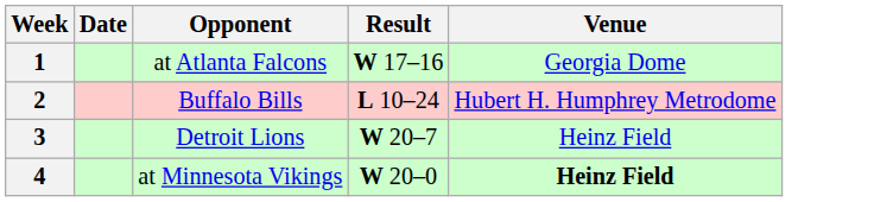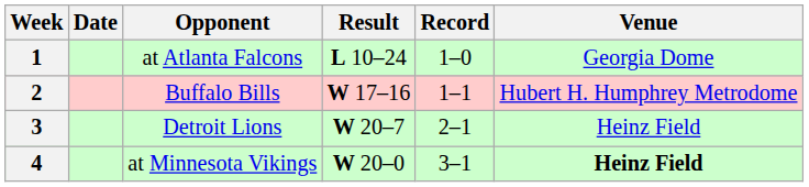 <table class="wikitable" style="text-align:center">
 <tr>
 <th>Week</th>
 <th>Date</th>
 <th>Opponent</th>
 <th>Result</th>
+<th>Record</th>
 <th>Venue</th>
 </tr>
 <tr style="background: #cfc;">
 <th>1</th>
 <td></td>
 <td>at <a href='#'>Atlanta Falcons</a></td>
-<td><strong>W</strong> 17–16</td>
+<td><strong>L</strong> 10–24</td>
+<td>1–0</td>
 <td><a href='#'>Georgia Dome</a></td>
 </tr>
 <tr style="background: #fcc;">
 <th>2</th>
 <td></td>
 <td><a href='#'>Buffalo Bills</a></td>
-<td><strong>L</strong> 10–24</td>
+<td><strong>W</strong> 17–16</td>
+<td>1–1</td>
 <td><a href='#'>Hubert H. Humphrey Metrodome</a></td>
 </tr>
 <tr style="background: #cfc;">
 <th>3</th>
 <td></td>
 <td><a href='#'>Detroit Lions</a></td>
 <td><strong>W</strong> 20–7</td>
+<td>2–1</td>
 <td><a href='#'>Heinz Field</a></td>
 </tr>
 <tr style="background: #cfc;">
 <th>4</th>
 <td></td>
 <td>at <a href='#'>Minnesota Vikings</a></td>
 <td><strong>W</strong> 20–0</td>
+<td>3–1</td>
 <td><strong>Heinz Field</strong></td>
 </tr>
 </table>
